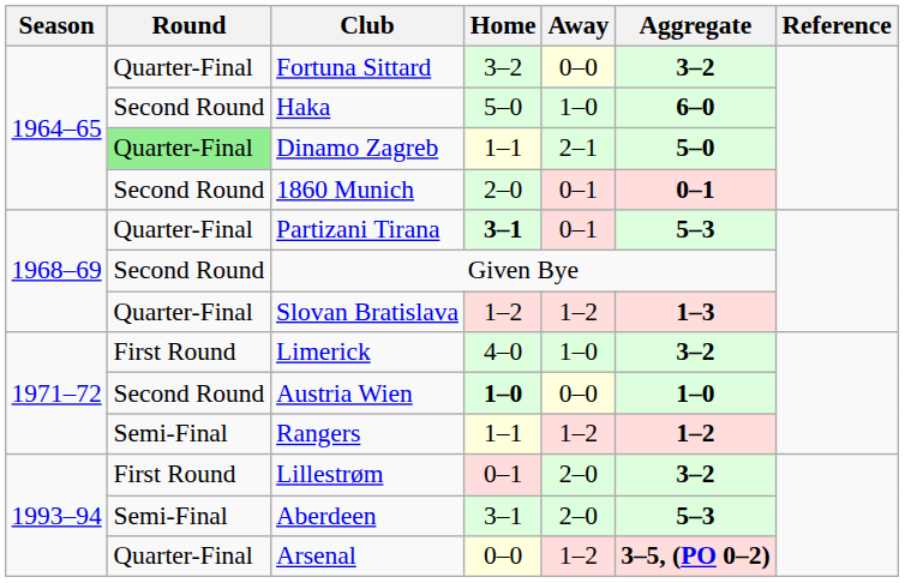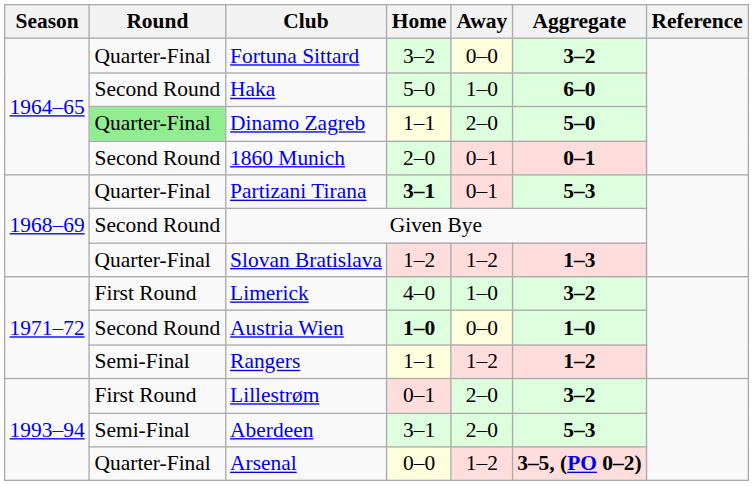 <table class="wikitable">
 <tr>
 <th>Season</th>
 <th>Round</th>
 <th>Club</th>
 <th>Home</th>
 <th>Away</th>
 <th>Aggregate</th>
 <th>Reference</th>
 </tr>
 <tr>
 <td rowspan=4><a href='#'>1964–65</a></td>
 <td>Quarter-Final</td>
 <td> <a href='#'>Fortuna Sittard</a></td>
 <td style="text-align:center; background:#dfd;">3–2</td>
 <td style="text-align:center; background:#ffd;">0–0</td>
 <td style="text-align:center; background:#dfd"><strong>3–2</strong></td>
 <td rowspan=4 style="text-align:center;"></td>
 </tr>
 <tr>
 <td>Second Round</td>
 <td> <a href='#'>Haka</a></td>
 <td style="text-align:center; background:#dfd;">5–0</td>
 <td style="text-align:center; background:#dfd;">1–0</td>
 <td style="text-align:center; background:#dfd"><strong>6–0</strong></td>
 </tr>
 <tr>
 <td style="background: lightgreen;">Quarter-Final</td>
 <td> <a href='#'>Dinamo Zagreb</a></td>
 <td style="text-align:center; background:#ffd;">1–1</td>
-<td style="text-align:center; background:#dfd;">2–1</td>
+<td style="text-align:center; background:#dfd;">2–0</td>
 <td style="text-align:center; background:#dfd"><strong>5–0</strong></td>
 </tr>
 <tr>
 <td>Second Round</td>
 <td> <a href='#'>1860 Munich</a></td>
 <td style="text-align:center; background:#dfd;">2–0</td>
 <td style="text-align:center; background:#fdd;">0–1</td>
 <td style="text-align:center; background:#fdd"><strong>0–1</strong></td>
 </tr>
 <tr>
 <td rowspan=3><a href='#'>1968–69</a></td>
 <td>Quarter-Final</td>
 <td> <a href='#'>Partizani Tirana</a></td>
 <td style="text-align:center; background:#dfd;"><strong>3–1</strong></td>
 <td style="text-align:center; background:#fdd;">0–1</td>
 <td style="text-align:center; background:#dfd"><strong>5–3</strong></td>
 <td rowspan="3" style="text-align:center;"></td>
 </tr>
 <tr>
 <td>Second Round</td>
 <td colspan="4" style="text-align:center;">Given Bye</td>
 </tr>
 <tr>
 <td>Quarter-Final</td>
 <td> <a href='#'>Slovan Bratislava</a></td>
 <td style="text-align:center; background:#fdd;">1–2</td>
 <td style="text-align:center; background:#fdd;">1–2</td>
 <td style="text-align:center; background:#fdd"><strong>1–3 </strong></td>
 </tr>
 <tr>
 <td rowspan=3><a href='#'>1971–72</a></td>
 <td>First Round</td>
 <td> <a href='#'>Limerick</a></td>
 <td style="text-align:center; background:#dfd;">4–0</td>
 <td style="text-align:center; background:#dfd;">1–0</td>
 <td style="text-align:center; background:#dfd"><strong>3–2</strong></td>
 <td rowspan=3 style="text-align:center;"></td>
 </tr>
 <tr>
 <td>Second Round</td>
 <td> <a href='#'>Austria Wien</a></td>
 <td style="text-align:center; background:#dfd;"><strong>1–0</strong></td>
 <td style="text-align:center; background:#ffd;">0–0</td>
 <td style="text-align:center; background:#dfd"><strong>1–0</strong></td>
 </tr>
 <tr>
 <td>Semi-Final</td>
 <td> <a href='#'>Rangers</a></td>
 <td style="text-align:center; background:#ffd;">1–1</td>
 <td style="text-align:center; background:#fdd;">1–2</td>
 <td style="text-align:center; background:#fdd"><strong>1–2</strong></td>
 </tr>
 <tr>
 <td rowspan=3><a href='#'>1993–94</a></td>
 <td>First Round</td>
 <td> <a href='#'>Lillestrøm</a></td>
 <td style="text-align:center; background:#fdd;">0–1</td>
 <td style="text-align:center; background:#dfd;">2–0</td>
 <td style="text-align:center; background:#dfd"><strong>3–2</strong></td>
 <td rowspan=3 style="text-align:center;"></td>
 </tr>
 <tr>
 <td>Semi-Final</td>
 <td> <a href='#'>Aberdeen</a></td>
 <td style="text-align:center; background:#dfd;">3–1</td>
 <td style="text-align:center; background:#dfd;">2–0</td>
 <td style="text-align:center; background:#dfd"><strong>5–3</strong></td>
 </tr>
 <tr>
 <td>Quarter-Final</td>
 <td> <a href='#'>Arsenal</a></td>
 <td style="text-align:center; background:#ffd;">0–0</td>
 <td style="text-align:center; background:#fdd;">1–2</td>
 <td style="text-align:center; background:#fdd"><strong>3–5, (<a href='#'>PO</a> 0–2)</strong></td>
 </tr>
 </table>
